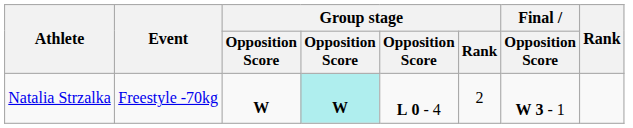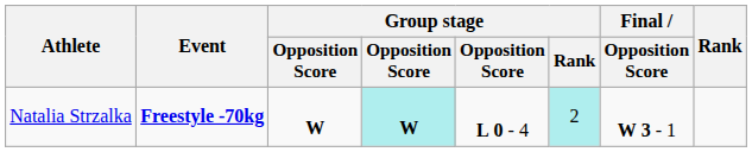 <table class="wikitable" style="font-size:90%">
 <tr>
 <th rowspan=2>Athlete</th>
 <th rowspan=2>Event</th>
 <th colspan=4>Group stage</th>
 <th>Final / </th>
 <th rowspan=2>Rank</th>
 </tr>
 <tr style="font-size:95%">
 <th>Opposition<br>Score</th>
 <th>Opposition<br>Score</th>
 <th>Opposition<br>Score</th>
 <th>Rank</th>
 <th>Opposition<br>Score</th>
 </tr>
 <tr align=center>
 <td align=left><a href='#'>Natalia Strzalka</a></td>
-<td align=left><a href='#'>Freestyle -70kg</a></td>
+<td align=left><strong><a href='#'>Freestyle -70kg</a></strong></td>
 <td><br><strong>W</strong></td>
 <td style="background: paleturquoise;"><br><strong>W</strong></td>
 <td><br><strong>L</strong> <strong>0</strong> - 4 <sup></sup></td>
-<td>2 </td>
+<td style="background: paleturquoise;">2 </td>
 <td><br><strong>W</strong> <strong>3</strong> - 1 <sup></sup></td>
 <td></td>
 </tr>
 </table>
